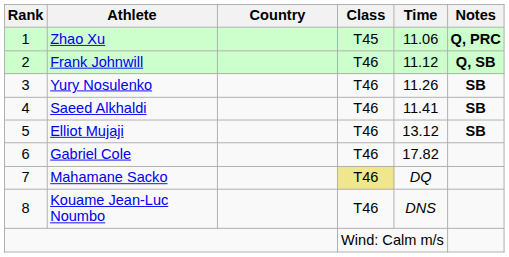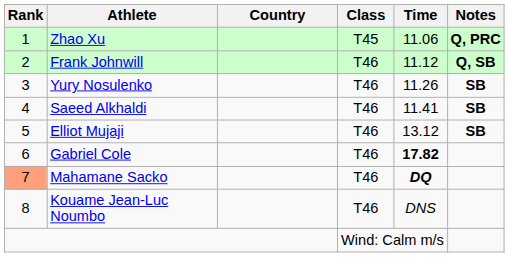 <table class="wikitable sortable" style="text-align:center">
 <tr>
 <th>Rank</th>
 <th style="width:180px">Athlete</th>
 <th style="width:125px">Country</th>
 <th>Class</th>
 <th>Time</th>
 <th>Notes</th>
 </tr>
 <tr style="background:#cfc;">
 <td>1</td>
 <td style="text-align:left;"><a href='#'>Zhao Xu</a></td>
 <td style="text-align:left;"></td>
 <td>T45</td>
 <td>11.06</td>
 <td><strong>Q, PRC</strong></td>
 </tr>
 <tr style="background:#cfc;">
 <td>2</td>
 <td style="text-align:left;"><a href='#'>Frank Johnwill</a></td>
 <td style="text-align:left;"></td>
 <td>T46</td>
 <td>11.12</td>
 <td><strong>Q, SB</strong></td>
 </tr>
 <tr>
 <td>3</td>
 <td style="text-align:left;"><a href='#'>Yury Nosulenko</a></td>
 <td style="text-align:left;"></td>
 <td>T46</td>
 <td>11.26</td>
 <td><strong>SB</strong></td>
 </tr>
 <tr>
 <td>4</td>
 <td style="text-align:left;"><a href='#'>Saeed Alkhaldi</a></td>
 <td style="text-align:left;"></td>
 <td>T46</td>
 <td>11.41</td>
 <td><strong>SB</strong></td>
 </tr>
 <tr>
 <td>5</td>
 <td style="text-align:left;"><a href='#'>Elliot Mujaji</a></td>
 <td style="text-align:left;"></td>
 <td>T46</td>
 <td>13.12</td>
 <td><strong>SB</strong></td>
 </tr>
 <tr>
 <td>6</td>
 <td style="text-align:left;"><a href='#'>Gabriel Cole</a></td>
 <td style="text-align:left;"></td>
 <td>T46</td>
-<td>17.82</td>
+<td><strong>17.82</strong></td>
 <td></td>
 </tr>
 <tr>
-<td>7</td>
+<td style="background: lightsalmon;">7</td>
 <td style="text-align:left;"><a href='#'>Mahamane Sacko</a></td>
 <td style="text-align:left;"></td>
-<td style="background: khaki;">T46</td>
-<td><em>DQ</em></td>
+<td>T46</td>
+<td><strong><em>DQ</em></strong></td>
 <td></td>
 </tr>
 <tr>
 <td>8</td>
 <td style="text-align:left;"><a href='#'>Kouame Jean-Luc Noumbo</a></td>
 <td style="text-align:left;"></td>
 <td>T46</td>
 <td><em>DNS</em></td>
 <td></td>
 </tr>
 <tr class="sortbottom">
 <td colspan="3"></td>
 <td colspan="2">Wind: Calm m/s</td>
 </tr>
 </table>
